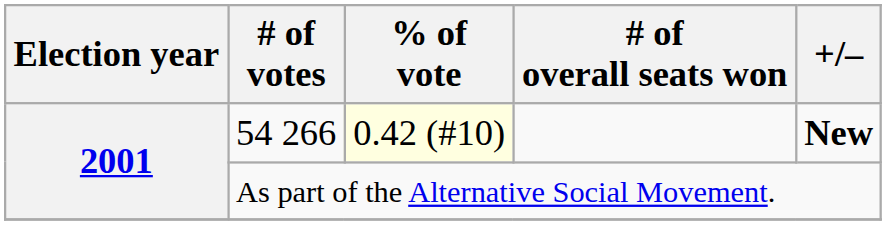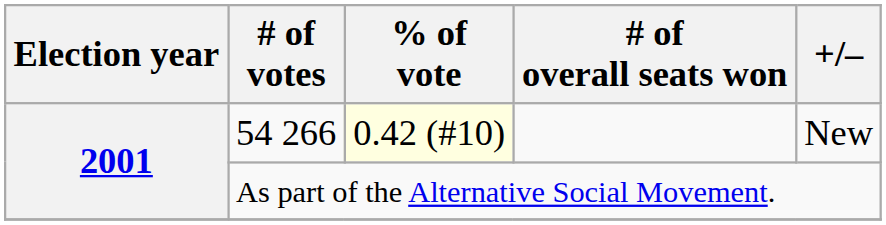 <table class=wikitable>
 <tr>
 <th>Election year</th>
 <th># of<br>votes</th>
 <th>% of<br>vote</th>
 <th># of<br>overall seats won</th>
 <th>+/–</th>
 </tr>
 <tr>
 <th rowspan="2"><a href='#'>2001</a></th>
 <td>54 266</td>
 <td style="background: lightyellow;">0.42 (#10)</td>
 <td></td>
-<td><strong>New</strong></td>
+<td>New</td>
 </tr>
 <tr>
 <td colspan=7><small>As part of the <a href='#'>Alternative Social Movement</a>.</small></td>
 </tr>
 <tr>
 </tr>
 </table>
